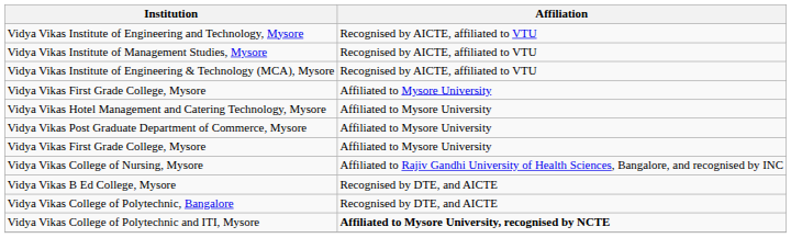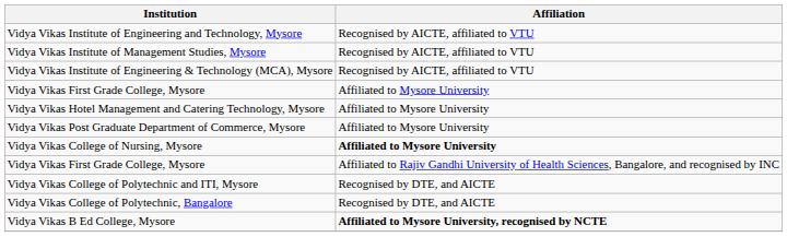 <table class="wikitable" style="background:#ffdbgf;">
 <tr>
 <th>Institution</th>
 <th>Affiliation</th>
 </tr>
 <tr>
 <td>Vidya Vikas Institute of Engineering and Technology, <a href='#'>Mysore</a></td>
 <td>Recognised by AICTE, affiliated to <a href='#'>VTU</a></td>
 </tr>
 <tr>
 <td>Vidya Vikas Institute of Management Studies, <a href='#'>Mysore</a></td>
 <td>Recognised by AICTE, affiliated to VTU</td>
 </tr>
 <tr>
 <td>Vidya Vikas Institute of Engineering & Technology (MCA), Mysore</td>
 <td>Recognised by AICTE, affiliated to VTU</td>
 </tr>
 <tr>
 <td>Vidya Vikas First Grade College, Mysore</td>
 <td>Affiliated to <a href='#'>Mysore University</a></td>
 </tr>
 <tr>
 <td>Vidya Vikas Hotel Management and Catering Technology, Mysore</td>
 <td>Affiliated to Mysore University</td>
 </tr>
 <tr>
 <td>Vidya Vikas Post Graduate Department of Commerce, Mysore</td>
 <td>Affiliated to Mysore University</td>
 </tr>
 <tr>
-<td>Vidya Vikas First Grade College, Mysore</td>
-<td>Affiliated to Mysore University</td>
+<td>Vidya Vikas College of Nursing, Mysore</td>
+<td><strong>Affiliated to Mysore University</strong></td>
 </tr>
 <tr>
-<td>Vidya Vikas College of Nursing, Mysore</td>
+<td>Vidya Vikas First Grade College, Mysore</td>
 <td>Affiliated to <a href='#'>Rajiv Gandhi University of Health Sciences</a>, Bangalore, and recognised by INC</td>
 </tr>
 <tr>
-<td>Vidya Vikas B Ed College, Mysore</td>
+<td>Vidya Vikas College of Polytechnic and ITI, Mysore</td>
 <td>Recognised by DTE, and AICTE</td>
 </tr>
 <tr>
 <td>Vidya Vikas College of Polytechnic, <a href='#'>Bangalore</a></td>
 <td>Recognised by DTE, and AICTE</td>
 </tr>
 <tr>
-<td>Vidya Vikas College of Polytechnic and ITI, Mysore</td>
+<td>Vidya Vikas B Ed College, Mysore</td>
 <td><strong>Affiliated to Mysore University, recognised by NCTE</strong></td>
 </tr>
 <tr>
 </tr>
 </table>
